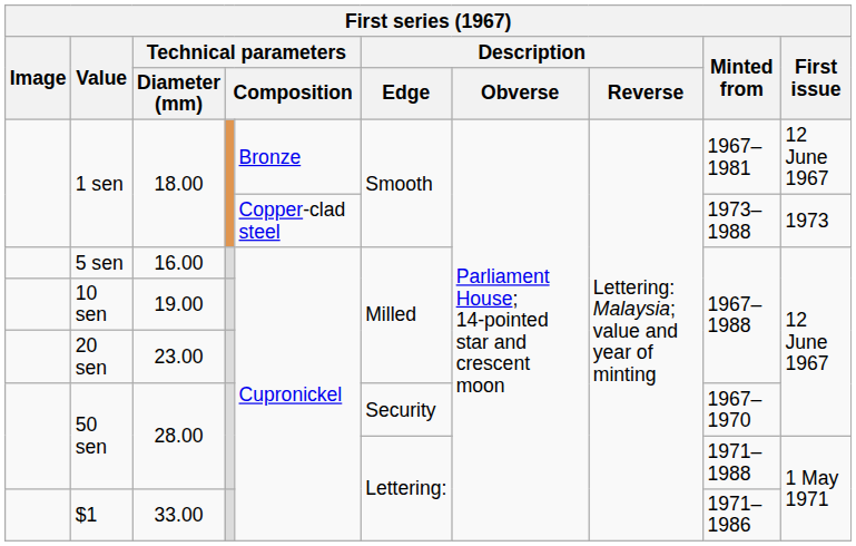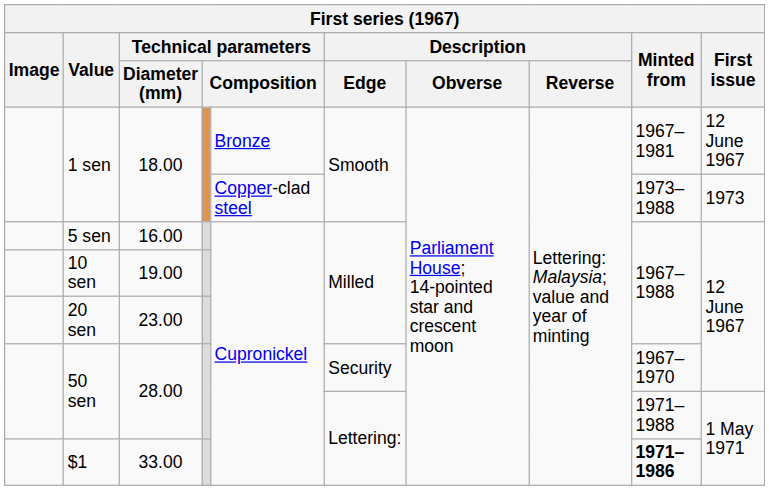 <table class="wikitable" style="margin:auto; font-size:90%; border-width:1px;">
 <tr>
 <th colspan=11>First series (1967)</th>
 </tr>
 <tr>
 <th rowspan=2>Image</th>
 <th rowspan=2>Value</th>
 <th colspan=3>Technical parameters</th>
 <th colspan=3>Description</th>
 <th rowspan=2>Minted<br>from</th>
 <th rowspan=2>First<br>issue</th>
 </tr>
 <tr>
 <th>Diameter<br>(mm)</th>
 <th colspan=2>Composition</th>
 <th>Edge</th>
 <th>Obverse</th>
 <th>Reverse</th>
 </tr>
 <tr>
 <td rowspan=2></td>
 <td rowspan=2>1 sen</td>
 <td rowspan=2 align=center>18.00</td>
 <td rowspan=2 style="background-color:#e0954f;"></td>
 <td><a href='#'>Bronze</a></td>
 <td rowspan=2>Smooth</td>
 <td rowspan=8><a href='#'>Parliament House</a>;<br>14-pointed star and crescent moon</td>
 <td rowspan=8>Lettering: <em>Malaysia</em>;<br>value and year of minting</td>
 <td>1967–1981</td>
 <td>12 June 1967</td>
 </tr>
 <tr>
 <td><a href='#'>Copper</a>-clad <a href='#'>steel</a></td>
 <td>1973–1988</td>
 <td>1973</td>
 </tr>
 <tr>
 <td></td>
 <td>5 sen</td>
 <td align=center>16.00</td>
 <td style="background-color:#dcdcdc;"></td>
 <td rowspan=6><a href='#'>Cupronickel</a></td>
 <td rowspan=3>Milled</td>
 <td rowspan=3>1967–1988</td>
 <td rowspan=4>12 June 1967</td>
 </tr>
 <tr>
 <td></td>
 <td>10 sen</td>
 <td align=center>19.00</td>
 <td style="background-color:#dcdcdc;"></td>
 </tr>
 <tr>
 <td></td>
 <td>20 sen</td>
 <td align=center>23.00</td>
 <td style="background-color:#dcdcdc;"></td>
 </tr>
 <tr>
 <td rowspan=2></td>
 <td rowspan=2>50 sen</td>
 <td rowspan=2 align=center>28.00</td>
 <td rowspan=2 style="background-color:#dcdcdc;"></td>
 <td>Security</td>
 <td>1967–1970</td>
 </tr>
 <tr>
 <td rowspan=2>Lettering:<br><em></em></td>
 <td>1971–1988</td>
 <td rowspan=2>1 May 1971</td>
 </tr>
 <tr>
 <td></td>
 <td>$1</td>
 <td align=center>33.00</td>
 <td style="background-color:#dcdcdc;"></td>
-<td>1971–1986</td>
+<td><strong>1971–1986</strong></td>
 </tr>
 </table>
